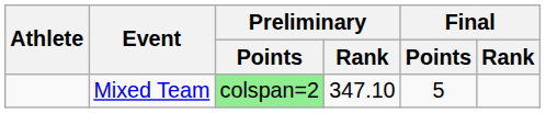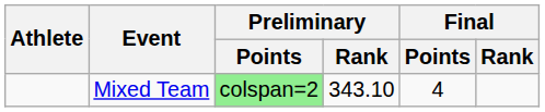 <table class="wikitable" style="font-size:90%;">
 <tr>
 <th rowspan=2>Athlete</th>
 <th rowspan=2>Event</th>
 <th colspan=2>Preliminary</th>
 <th colspan=2>Final</th>
 </tr>
 <tr>
 <th>Points</th>
 <th>Rank</th>
 <th>Points</th>
 <th>Rank</th>
 </tr>
 <tr align=center>
 <td align=left><br></td>
 <td align=left><a href='#'>Mixed Team</a></td>
 <td style="background: lightgreen;">colspan=2 </td>
-<td>347.10</td>
-<td>5</td>
+<td>343.10</td>
+<td>4</td>
 </tr>
 </table>
